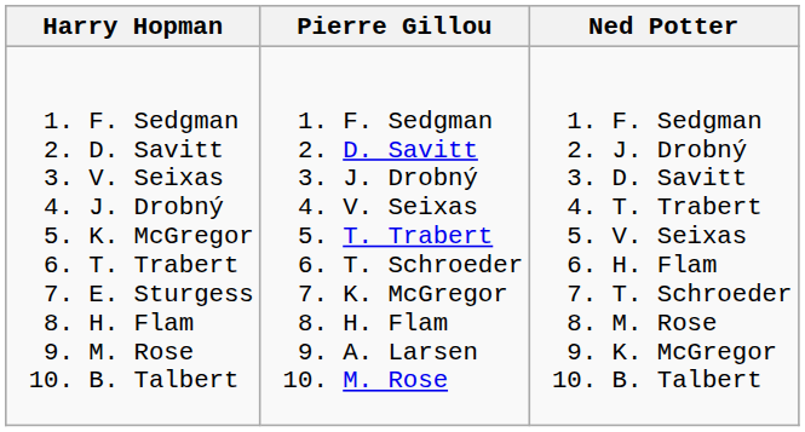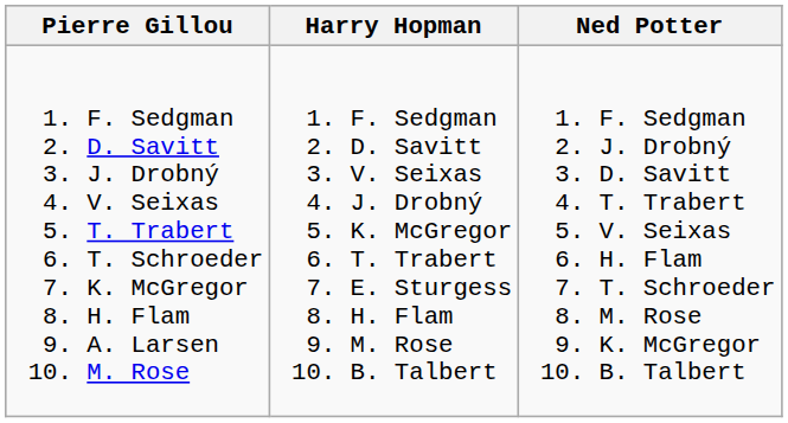 <table class="wikitable">
 <tr>
+<th>Pierre Gillou</th>
 <th>Harry Hopman</th>
-<th>Pierre Gillou</th>
 <th>Ned Potter</th>
 </tr>
 <tr style="vertical-align: top;">
+<td style="white-space: nowrap;"><br><ol><li> F. Sedgman</li><li> <a href='#'>D. Savitt</a></li><li> J. Drobný</li><li> V. Seixas</li><li> <a href='#'>T. Trabert</a></li><li> T. Schroeder</li><li> K. McGregor</li><li> H. Flam</li><li> A. Larsen</li><li> <a href='#'>M. Rose</a></li></ol></td>
 <td style="white-space: nowrap;"><br><ol><li> F. Sedgman</li><li> D. Savitt</li><li> V. Seixas</li><li> J. Drobný</li><li> K. McGregor</li><li> T. Trabert</li><li> E. Sturgess</li><li> H. Flam</li><li> M. Rose</li><li> B. Talbert</li></ol></td>
-<td style="white-space: nowrap;"><br><ol><li> F. Sedgman</li><li> <a href='#'>D. Savitt</a></li><li> J. Drobný</li><li> V. Seixas</li><li> <a href='#'>T. Trabert</a></li><li> T. Schroeder</li><li> K. McGregor</li><li> H. Flam</li><li> A. Larsen</li><li> <a href='#'>M. Rose</a></li></ol></td>
 <td style="white-space: nowrap;"><br><ol><li> F. Sedgman</li><li> J. Drobný</li><li> D. Savitt</li><li> T. Trabert</li><li> V. Seixas</li><li> H. Flam</li><li> T. Schroeder</li><li> M. Rose</li><li> K. McGregor</li><li> B. Talbert</li></ol></td>
 </tr>
 </table>
